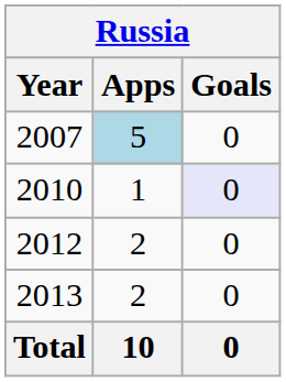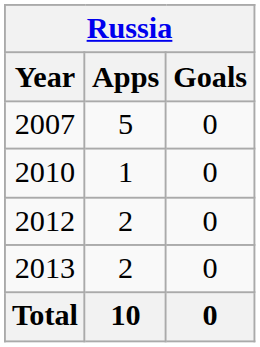 <table class="wikitable" style="text-align:center">
 <tr>
 <th colspan=3><a href='#'>Russia</a></th>
 </tr>
 <tr>
 <th>Year</th>
 <th>Apps</th>
 <th>Goals</th>
 </tr>
 <tr>
 <td>2007</td>
-<td style="background: lightblue;">5</td>
+<td>5</td>
 <td>0</td>
 </tr>
 <tr>
 <td>2010</td>
 <td>1</td>
-<td style="background: lavender;">0</td>
+<td>0</td>
 </tr>
 <tr>
 <td>2012</td>
 <td>2</td>
 <td>0</td>
 </tr>
 <tr>
 <td>2013</td>
 <td>2</td>
 <td>0</td>
 </tr>
 <tr>
 <th>Total</th>
 <th>10</th>
 <th>0</th>
 </tr>
 </table>
